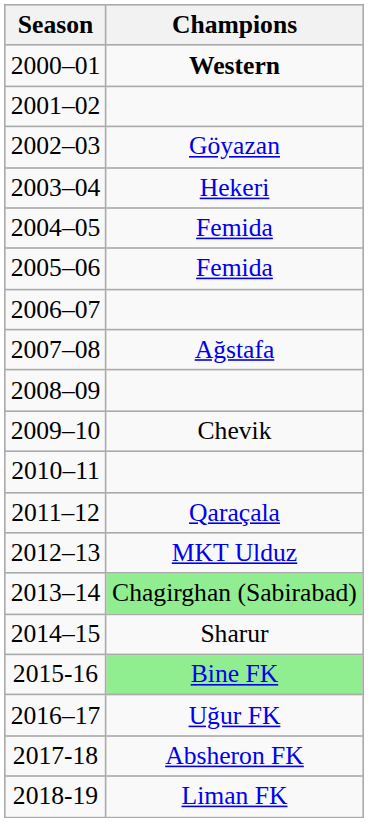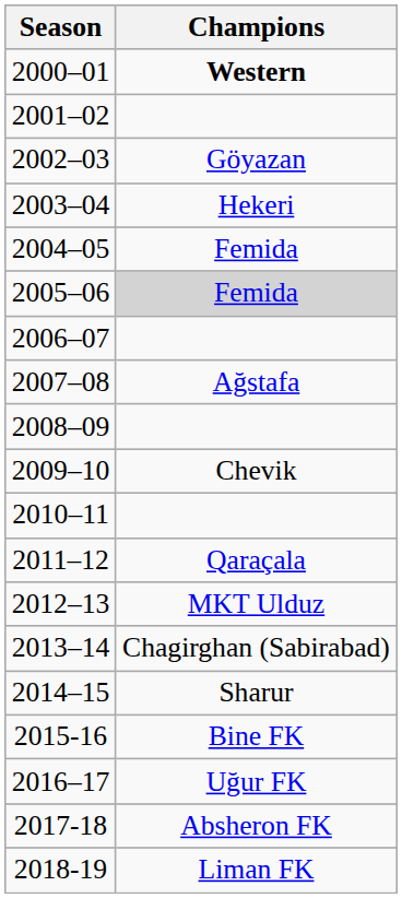 <table class="wikitable" style="text-align: center">
 <tr>
 <th>Season</th>
 <th>Champions</th>
 </tr>
 <tr>
 <td>2000–01</td>
 <td><strong>Western</strong></td>
 </tr>
 <tr>
 <td>2001–02</td>
 <td></td>
 </tr>
 <tr>
 <td>2002–03</td>
 <td><a href='#'>Göyazan</a></td>
 </tr>
 <tr>
 <td>2003–04</td>
 <td><a href='#'>Hekeri</a></td>
 </tr>
 <tr>
 <td>2004–05</td>
 <td><a href='#'>Femida</a></td>
 </tr>
 <tr>
 <td>2005–06</td>
-<td><a href='#'>Femida</a></td>
+<td style="background: lightgrey;"><a href='#'>Femida</a></td>
 </tr>
 <tr>
 <td>2006–07</td>
 <td></td>
 </tr>
 <tr>
 <td>2007–08</td>
 <td><a href='#'>Ağstafa</a></td>
 </tr>
 <tr>
 <td>2008–09</td>
 <td></td>
 </tr>
 <tr>
 <td>2009–10</td>
 <td>Chevik</td>
 </tr>
 <tr>
 <td>2010–11</td>
 <td></td>
 </tr>
 <tr>
 <td>2011–12</td>
 <td><a href='#'>Qaraçala</a></td>
 </tr>
 <tr>
 <td>2012–13</td>
 <td><a href='#'>MKT Ulduz</a></td>
 </tr>
 <tr>
 <td>2013–14</td>
-<td style="background: lightgreen;">Chagirghan (Sabirabad)</td>
+<td>Chagirghan (Sabirabad)</td>
 </tr>
 <tr>
 <td>2014–15</td>
 <td>Sharur</td>
 </tr>
 <tr>
 <td>2015-16</td>
-<td style="background: lightgreen;"><a href='#'>Bine FK</a></td>
+<td><a href='#'>Bine FK</a></td>
 </tr>
 <tr>
 <td>2016–17</td>
 <td><a href='#'>Uğur FK</a></td>
 </tr>
 <tr>
 <td>2017-18</td>
 <td><a href='#'>Absheron FK</a></td>
 </tr>
 <tr>
 <td>2018-19</td>
 <td><a href='#'>Liman FK</a></td>
 </tr>
 </table>
